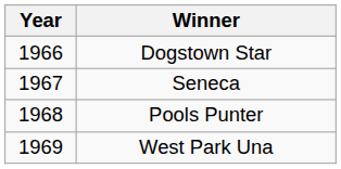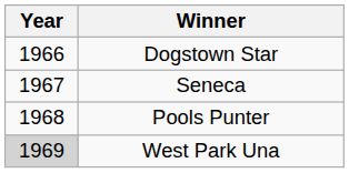 <table class="wikitable" style="font-size: 100%">
 <tr>
 <th width=50>Year</th>
 <th width=200>Winner</th>
 </tr>
 <tr align=center>
 <td>1966</td>
 <td>Dogstown Star</td>
 </tr>
 <tr align=center>
 <td>1967</td>
 <td>Seneca</td>
 </tr>
 <tr align=center>
 <td>1968</td>
 <td>Pools Punter</td>
 </tr>
 <tr align=center>
-<td>1969</td>
+<td style="background: lightgrey;">1969</td>
 <td>West Park Una</td>
 </tr>
 </table>
